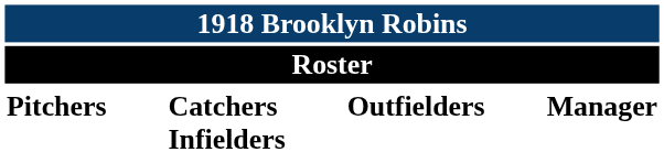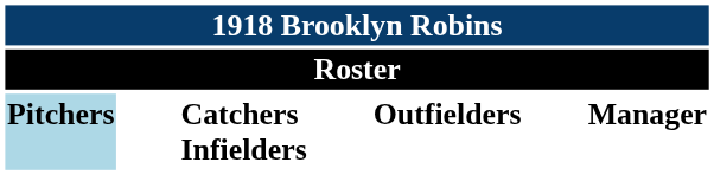 <table class="toccolours" style="font-size: 95%;">
 <tr>
 <th colspan="10" style="background-color: #083c6b; color: white; text-align: center;">1918 Brooklyn Robins</th>
 </tr>
 <tr>
 <td colspan="10" style="background-color: black; color: white; text-align: center;"><strong>Roster</strong></td>
 </tr>
 <tr>
-<td valign="top"><strong>Pitchers</strong><br>               </td>
+<td valign="top" style="background: lightblue;"><strong>Pitchers</strong><br>               </td>
 <td width="25px"></td>
 <td valign="top"><strong>Catchers</strong><br>    <strong>Infielders</strong>        </td>
 <td width="25px"></td>
 <td valign="top"><strong>Outfielders</strong><br>      </td>
 <td width="25px"></td>
 <td valign="top"><strong>Manager</strong><br></td>
 </tr>
 </table>
